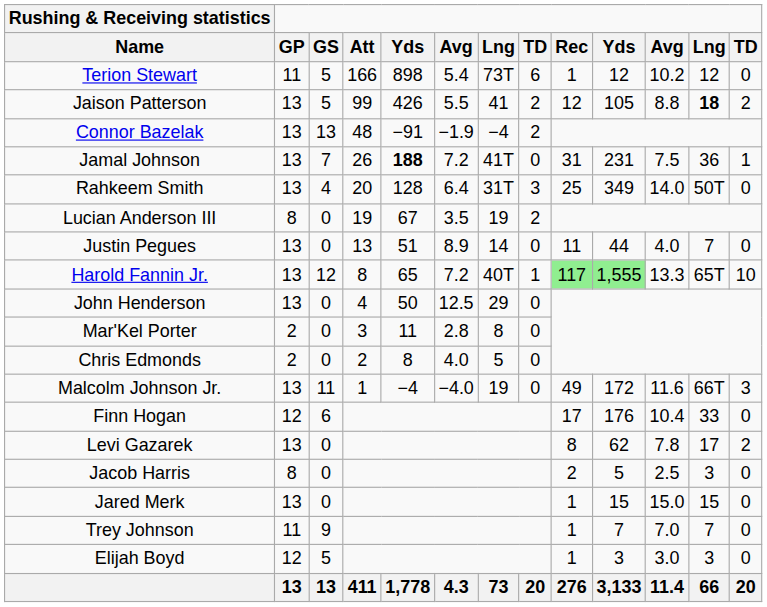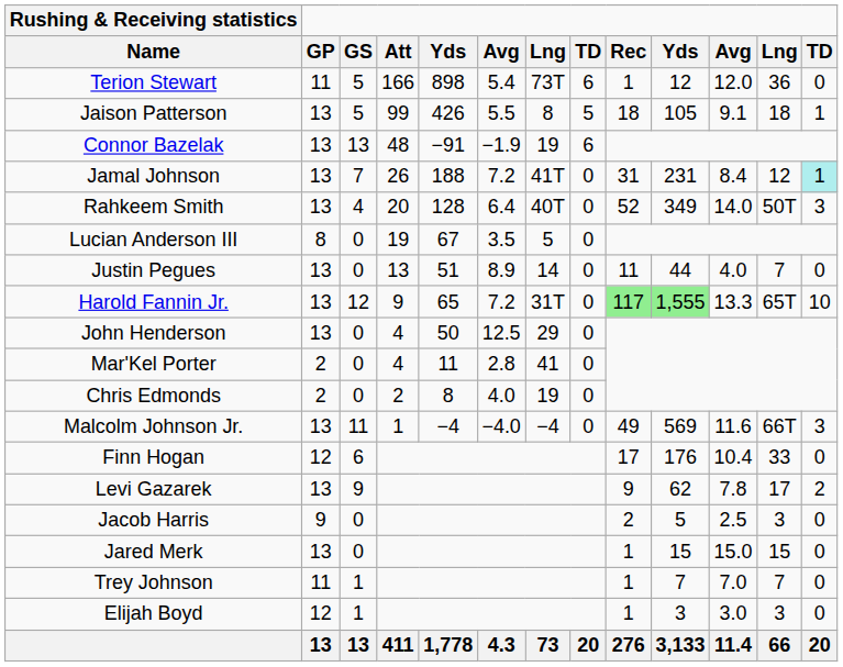 <table class="wikitable sortable" style="text-align:center;">
 <tr>
 <th style="text-align:center; ">Rushing & Receiving statistics</th>
 </tr>
 <tr>
 <th>Name</th>
 <th>GP</th>
 <th>GS</th>
 <th>Att</th>
 <th>Yds</th>
 <th>Avg</th>
 <th>Lng</th>
 <th>TD</th>
 <th>Rec</th>
 <th>Yds</th>
 <th>Avg</th>
 <th>Lng</th>
 <th>TD</th>
 </tr>
 <tr>
 <td><a href='#'>Terion Stewart</a></td>
 <td>11</td>
 <td>5</td>
 <td>166</td>
 <td>898</td>
 <td>5.4</td>
 <td>73T</td>
 <td>6</td>
 <td>1</td>
 <td>12</td>
-<td>10.2</td>
-<td>12</td>
+<td>12.0</td>
+<td>36</td>
 <td>0</td>
 </tr>
 <tr>
 <td>Jaison Patterson</td>
 <td>13</td>
 <td>5</td>
 <td>99</td>
 <td>426</td>
 <td>5.5</td>
-<td>41</td>
-<td>2</td>
-<td>12</td>
+<td>8</td>
+<td>5</td>
+<td>18</td>
 <td>105</td>
-<td>8.8</td>
-<td><strong>18</strong></td>
-<td>2</td>
+<td>9.1</td>
+<td>18</td>
+<td>1</td>
 </tr>
 <tr>
 <td><a href='#'>Connor Bazelak</a></td>
 <td>13</td>
 <td>13</td>
 <td>48</td>
 <td>−91</td>
 <td>−1.9</td>
-<td>−4</td>
-<td>2</td>
+<td>19</td>
+<td>6</td>
 </tr>
 <tr>
 <td>Jamal Johnson</td>
 <td>13</td>
 <td>7</td>
 <td>26</td>
-<td><strong>188</strong></td>
+<td>188</td>
 <td>7.2</td>
 <td>41T</td>
 <td>0</td>
 <td>31</td>
 <td>231</td>
-<td>7.5</td>
-<td>36</td>
-<td>1</td>
+<td>8.4</td>
+<td>12</td>
+<td style="background: paleturquoise;">1</td>
 </tr>
 <tr>
 <td>Rahkeem Smith</td>
 <td>13</td>
 <td>4</td>
 <td>20</td>
 <td>128</td>
 <td>6.4</td>
-<td>31T</td>
-<td>3</td>
-<td>25</td>
+<td>40T</td>
+<td>0</td>
+<td>52</td>
 <td>349</td>
 <td>14.0</td>
 <td>50T</td>
-<td>0</td>
+<td>3</td>
 </tr>
 <tr>
 <td>Lucian Anderson III</td>
 <td>8</td>
 <td>0</td>
 <td>19</td>
 <td>67</td>
 <td>3.5</td>
-<td>19</td>
-<td>2</td>
+<td>5</td>
+<td>0</td>
 </tr>
 <tr>
 <td>Justin Pegues</td>
 <td>13</td>
 <td>0</td>
 <td>13</td>
 <td>51</td>
 <td>8.9</td>
 <td>14</td>
 <td>0</td>
 <td>11</td>
 <td>44</td>
 <td>4.0</td>
 <td>7</td>
 <td>0</td>
 </tr>
 <tr>
 <td><a href='#'>Harold Fannin Jr.</a></td>
 <td>13</td>
 <td>12</td>
-<td>8</td>
+<td>9</td>
 <td>65</td>
 <td>7.2</td>
-<td>40T</td>
-<td>1</td>
+<td>31T</td>
+<td>0</td>
 <td bgcolor=lightgreen>117</td>
 <td bgcolor=lightgreen>1,555</td>
 <td>13.3</td>
 <td>65T</td>
 <td>10</td>
 </tr>
 <tr>
 <td>John Henderson</td>
 <td>13</td>
 <td>0</td>
 <td>4</td>
 <td>50</td>
 <td>12.5</td>
 <td>29</td>
 <td>0</td>
 </tr>
 <tr>
 <td>Mar'Kel Porter</td>
 <td>2</td>
 <td>0</td>
-<td>3</td>
+<td>4</td>
 <td>11</td>
 <td>2.8</td>
-<td>8</td>
+<td>41</td>
 <td>0</td>
 </tr>
 <tr>
 <td>Chris Edmonds</td>
 <td>2</td>
 <td>0</td>
 <td>2</td>
 <td>8</td>
 <td>4.0</td>
-<td>5</td>
+<td>19</td>
 <td>0</td>
 </tr>
 <tr>
 <td>Malcolm Johnson Jr.</td>
 <td>13</td>
 <td>11</td>
 <td>1</td>
 <td>−4</td>
 <td>−4.0</td>
-<td>19</td>
+<td>−4</td>
 <td>0</td>
 <td>49</td>
-<td>172</td>
+<td>569</td>
 <td>11.6</td>
 <td>66T</td>
 <td>3</td>
 </tr>
 <tr>
 <td>Finn Hogan</td>
 <td>12</td>
 <td>6</td>
 <td colspan="5"></td>
 <td>17</td>
 <td>176</td>
 <td>10.4</td>
 <td>33</td>
 <td>0</td>
 </tr>
 <tr>
 <td>Levi Gazarek</td>
 <td>13</td>
-<td>0</td>
+<td>9</td>
 <td colspan="5"></td>
-<td>8</td>
+<td>9</td>
 <td>62</td>
 <td>7.8</td>
 <td>17</td>
 <td>2</td>
 </tr>
 <tr>
 <td>Jacob Harris</td>
-<td>8</td>
+<td>9</td>
 <td>0</td>
 <td colspan="5"></td>
 <td>2</td>
 <td>5</td>
 <td>2.5</td>
 <td>3</td>
 <td>0</td>
 </tr>
 <tr>
 <td>Jared Merk</td>
 <td>13</td>
 <td>0</td>
 <td colspan="5"></td>
 <td>1</td>
 <td>15</td>
 <td>15.0</td>
 <td>15</td>
 <td>0</td>
 </tr>
 <tr>
 <td>Trey Johnson</td>
 <td>11</td>
-<td>9</td>
+<td>1</td>
 <td colspan="5"></td>
 <td>1</td>
 <td>7</td>
 <td>7.0</td>
 <td>7</td>
 <td>0</td>
 </tr>
 <tr>
 <td>Elijah Boyd</td>
 <td>12</td>
-<td>5</td>
+<td>1</td>
 <td colspan="5"></td>
 <td>1</td>
 <td>3</td>
 <td>3.0</td>
 <td>3</td>
 <td>0</td>
 </tr>
 <tr>
 <th colspan="1"></th>
 <th>13</th>
 <th>13</th>
 <th>411</th>
 <th>1,778</th>
 <th>4.3</th>
 <th>73</th>
 <th>20</th>
 <th>276</th>
 <th>3,133</th>
 <th>11.4</th>
 <th>66</th>
 <th>20</th>
 </tr>
 </table>
